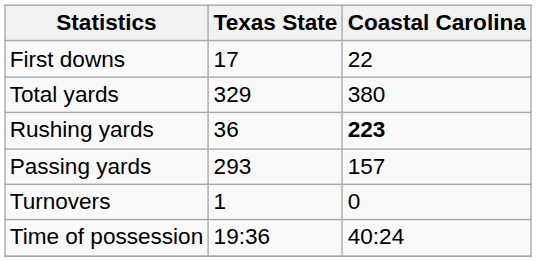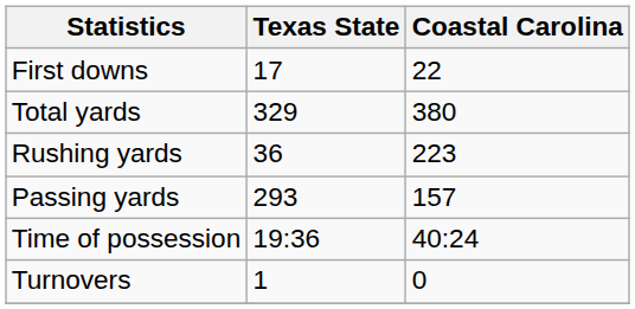 <table class="wikitable" style="float: right;">
 <tr>
 <th>Statistics</th>
 <th>Texas State</th>
 <th>Coastal Carolina</th>
 </tr>
 <tr>
 <td>First downs</td>
 <td>17</td>
 <td>22</td>
 </tr>
 <tr>
 <td>Total yards</td>
 <td>329</td>
 <td>380</td>
 </tr>
 <tr>
 <td>Rushing yards</td>
 <td>36</td>
-<td><strong>223</strong></td>
+<td>223</td>
 </tr>
 <tr>
 <td>Passing yards</td>
 <td>293</td>
 <td>157</td>
 </tr>
 <tr>
+<td>Time of possession</td>
+<td>19:36</td>
+<td>40:24</td>
+</tr>
+<tr>
 <td>Turnovers</td>
 <td>1</td>
 <td>0</td>
 </tr>
 <tr>
-<td>Time of possession</td>
-<td>19:36</td>
-<td>40:24</td>
-</tr>
-<tr>
 </tr>
 </table>
